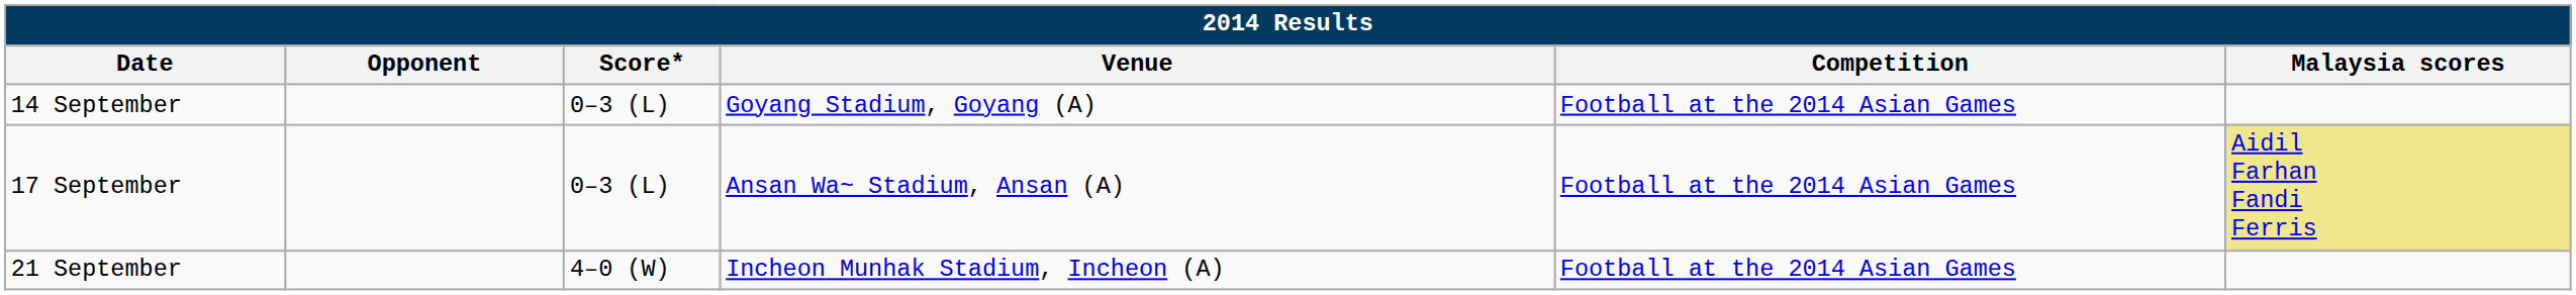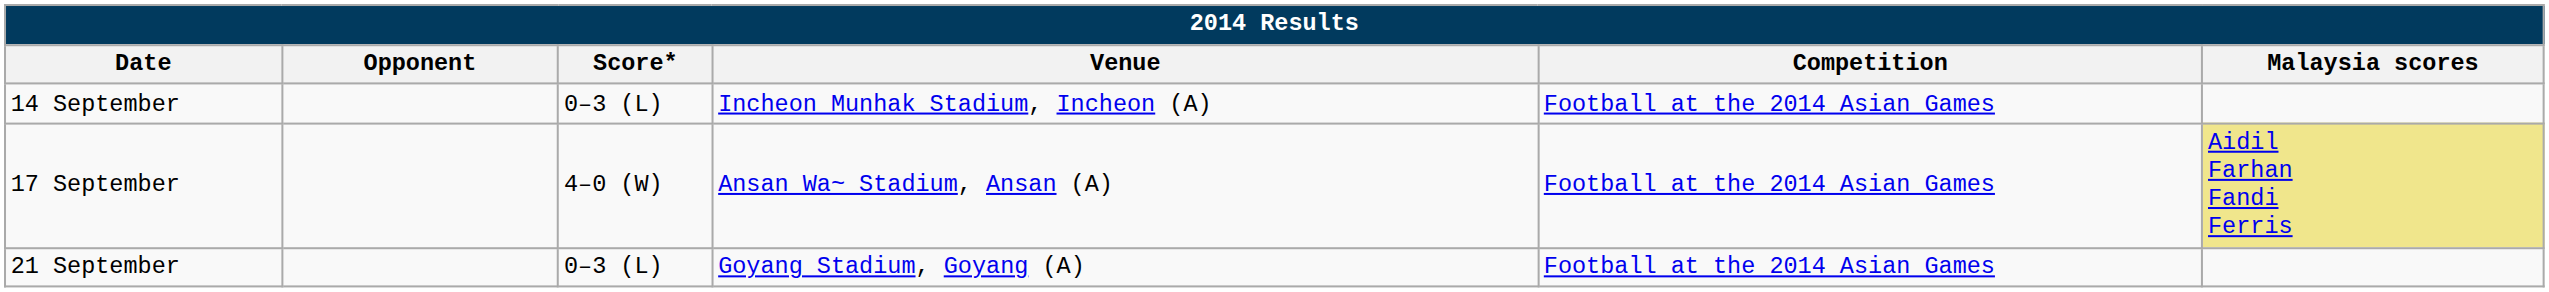 <table class="wikitable" width=100% style="text-align:left;font-size:90%;">
 <tr>
 <th colspan=9 style="background: #013A5E; color: #FFFFFF;">2014 Results</th>
 </tr>
 <tr>
 <th width=80>Date</th>
 <th width=80>Opponent</th>
 <th width=20>Score*</th>
 <th width=250>Venue</th>
 <th width=200>Competition</th>
 <th width=100>Malaysia scores</th>
 </tr>
 <tr>
 <td>14 September</td>
 <td></td>
 <td>0–3 (L)</td>
-<td><a href='#'>Goyang Stadium</a>, <a href='#'>Goyang</a> (A)</td>
+<td><a href='#'>Incheon Munhak Stadium</a>, <a href='#'>Incheon</a> (A)</td>
 <td><a href='#'>Football at the 2014 Asian Games</a></td>
 <td></td>
 </tr>
 <tr>
 <td>17 September</td>
 <td></td>
-<td>0–3 (L)</td>
+<td>4–0 (W)</td>
 <td><a href='#'>Ansan Wa~ Stadium</a>, <a href='#'>Ansan</a> (A)</td>
 <td><a href='#'>Football at the 2014 Asian Games</a></td>
 <td style="background: khaki;"><a href='#'>Aidil</a> <br><a href='#'>Farhan</a> <br><a href='#'>Fandi</a> <br><a href='#'>Ferris</a> </td>
 </tr>
 <tr>
 <td>21 September</td>
 <td></td>
-<td>4–0 (W)</td>
-<td><a href='#'>Incheon Munhak Stadium</a>, <a href='#'>Incheon</a> (A)</td>
+<td>0–3 (L)</td>
+<td><a href='#'>Goyang Stadium</a>, <a href='#'>Goyang</a> (A)</td>
 <td><a href='#'>Football at the 2014 Asian Games</a></td>
 <td></td>
 </tr>
 </table>
